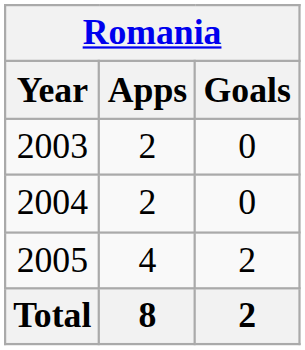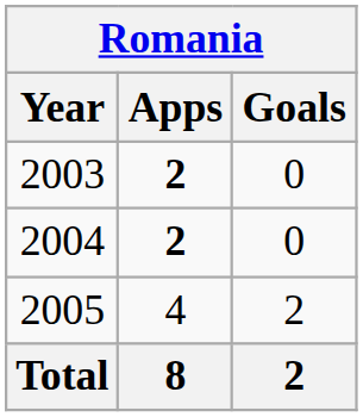 <table class="wikitable" style="text-align:center">
 <tr>
 <th colspan=3><a href='#'>Romania</a></th>
 </tr>
 <tr>
 <th>Year</th>
 <th>Apps</th>
 <th>Goals</th>
 </tr>
 <tr>
 <td>2003</td>
-<td>2</td>
+<td><strong>2</strong></td>
 <td>0</td>
 </tr>
 <tr>
 <td>2004</td>
-<td>2</td>
+<td><strong>2</strong></td>
 <td>0</td>
 </tr>
 <tr>
 <td>2005</td>
 <td>4</td>
 <td>2</td>
 </tr>
 <tr>
 <th>Total</th>
 <th>8</th>
 <th>2</th>
 </tr>
 </table>
